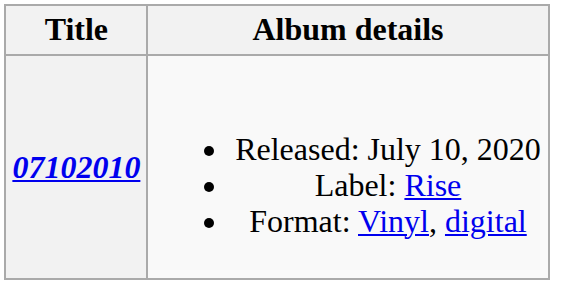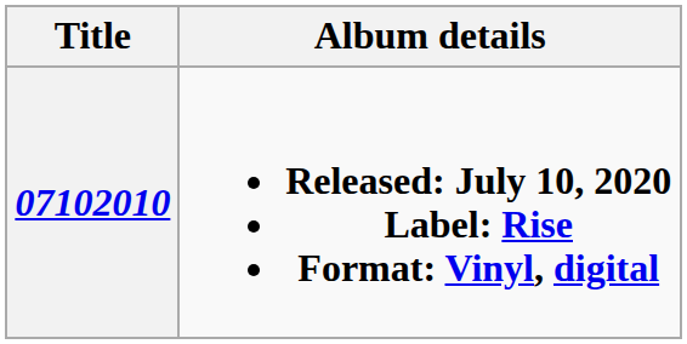 <table class="wikitable plainrowheaders" style="text-align:center;">
 <tr>
 <th>Title</th>
 <th>Album details</th>
 </tr>
 <tr>
 <th scope="row"><em><a href='#'>07102010</a></em></th>
-<td><br><ul><li>Released: July 10, 2020</li><li>Label: <a href='#'>Rise</a></li><li>Format: <a href='#'>Vinyl</a>, <a href='#'>digital</a></li></ul></td>
+<td><strong><br><ul><li>Released: July 10, 2020</li><li>Label: <a href='#'>Rise</a></li><li>Format: <a href='#'>Vinyl</a>, <a href='#'>digital</a></li></ul></strong></td>
 </tr>
 </table>
